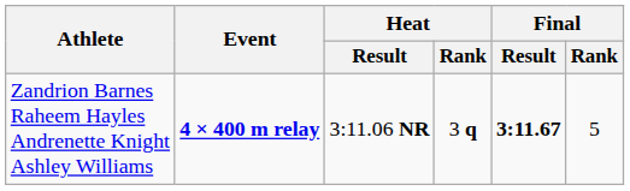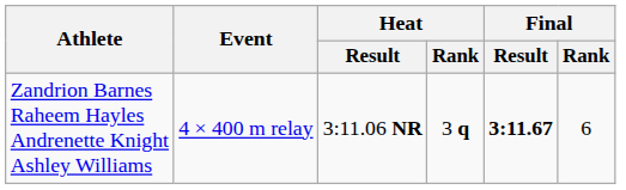 <table class="wikitable" style="font-size:90%">
 <tr>
 <th rowspan="2">Athlete</th>
 <th rowspan="2">Event</th>
 <th colspan="2">Heat</th>
 <th colspan="2">Final</th>
 </tr>
 <tr style="font-size:95%">
 <th>Result</th>
 <th>Rank</th>
 <th>Result</th>
 <th>Rank</th>
 </tr>
 <tr align=center>
 <td align=left><a href='#'>Zandrion Barnes</a><br><a href='#'>Raheem Hayles</a><br><a href='#'>Andrenette Knight</a><br><a href='#'>Ashley Williams</a><br></td>
-<td align=left><strong><a href='#'>4 × 400 m relay</a></strong></td>
+<td align=left><a href='#'>4 × 400 m relay</a></td>
 <td>3:11.06 <strong>NR</strong></td>
 <td>3 <strong>q</strong></td>
 <td><strong>3:11.67</strong></td>
-<td>5</td>
+<td>6</td>
 </tr>
 </table>
